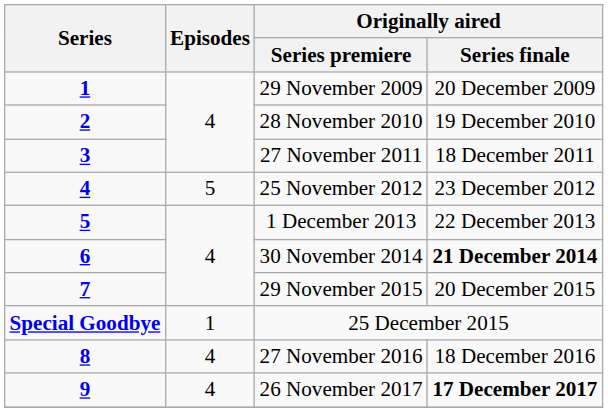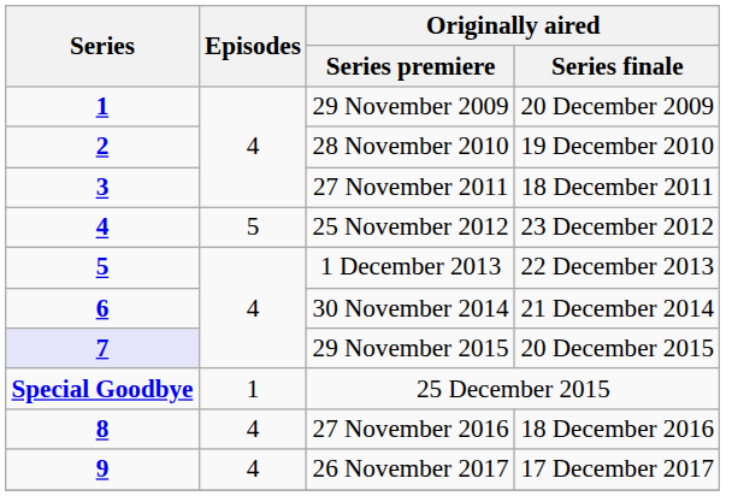 <table class="wikitable" style="text-align:center">
 <tr>
 <th rowspan="2">Series</th>
 <th rowspan="2">Episodes</th>
 <th colspan="2">Originally aired</th>
 </tr>
 <tr>
 <th>Series premiere</th>
 <th>Series finale</th>
 </tr>
 <tr>
 <td><strong><a href='#'>1</a></strong></td>
 <td rowspan=3>4</td>
 <td>29 November 2009</td>
 <td>20 December 2009</td>
 </tr>
 <tr>
 <td><strong><a href='#'>2</a></strong></td>
 <td>28 November 2010</td>
 <td>19 December 2010</td>
 </tr>
 <tr>
 <td><strong><a href='#'>3</a></strong></td>
 <td>27 November 2011</td>
 <td>18 December 2011</td>
 </tr>
 <tr>
 <td><strong><a href='#'>4</a></strong></td>
 <td>5</td>
 <td>25 November 2012</td>
 <td>23 December 2012</td>
 </tr>
 <tr>
 <td><strong><a href='#'>5</a></strong></td>
 <td rowspan=3>4</td>
 <td>1 December 2013</td>
 <td>22 December 2013</td>
 </tr>
 <tr>
 <td><strong><a href='#'>6</a></strong></td>
 <td>30 November 2014</td>
-<td><strong>21 December 2014</strong></td>
+<td>21 December 2014</td>
 </tr>
 <tr>
-<td><strong><a href='#'>7</a></strong></td>
+<td style="background: lavender;"><strong><a href='#'>7</a></strong></td>
 <td>29 November 2015</td>
 <td>20 December 2015</td>
 </tr>
 <tr>
 <td><strong><a href='#'>Special Goodbye</a></strong></td>
 <td>1</td>
 <td colspan=2>25 December 2015</td>
 </tr>
 <tr>
 <td><strong><a href='#'>8</a></strong></td>
 <td>4</td>
 <td>27 November 2016</td>
 <td>18 December 2016</td>
 </tr>
 <tr>
 <td><strong><a href='#'>9</a></strong></td>
 <td>4</td>
 <td>26 November 2017</td>
-<td><strong>17 December 2017</strong></td>
+<td>17 December 2017</td>
 </tr>
 <tr>
 </tr>
 </table>
